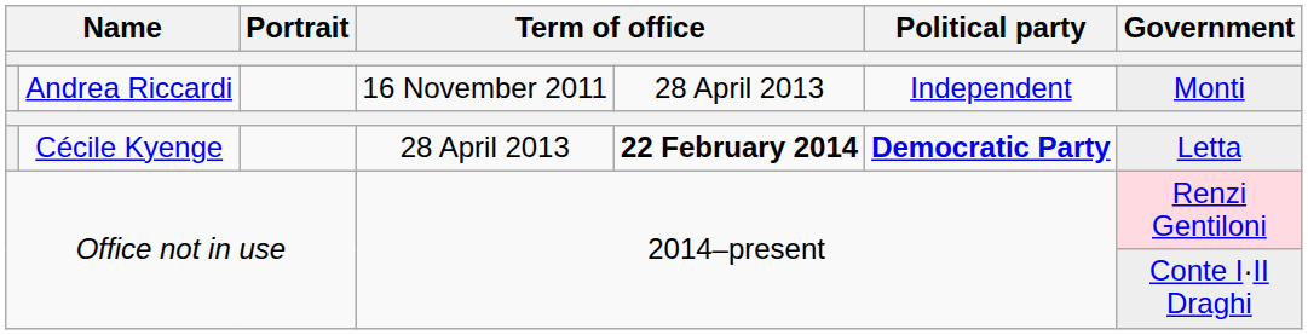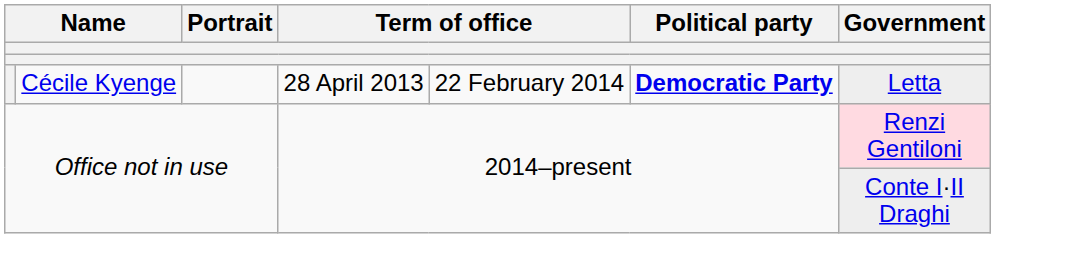 <table class="wikitable" style="text-align:center">
 <tr>
 <th colspan=2>Name<br></th>
 <th>Portrait</th>
 <th colspan=2>Term of office</th>
 <th>Political party</th>
 <th>Government</th>
 </tr>
 <tr>
 <th colspan=7></th>
 </tr>
 <tr>
-<th style="background:"></th>
-<td><a href='#'>Andrea Riccardi</a><br></td>
-<td></td>
-<td>16 November 2011</td>
-<td>28 April 2013</td>
-<td><a href='#'>Independent</a></td>
-<td bgcolor=#EEEEEE><a href='#'>Monti</a></td>
-</tr>
-<tr>
 <th colspan=7></th>
 </tr>
 <tr>
 <th style="background:"></th>
 <td><a href='#'>Cécile Kyenge</a><br></td>
 <td></td>
 <td>28 April 2013</td>
-<td><strong>22 February 2014</strong></td>
+<td>22 February 2014</td>
 <td><strong><a href='#'>Democratic Party</a></strong></td>
 <td bgcolor=#EEEEEE><a href='#'>Letta</a></td>
 </tr>
 <tr>
 <td rowspan=3 colspan=3><em>Office not in use</em></td>
 <td rowspan=3 colspan=3 align="center">2014–present</td>
 <td bgcolor=#FFDAE1><a href='#'>Renzi</a><br><a href='#'>Gentiloni</a></td>
 </tr>
 <tr>
 <td bgcolor=#EEEEEE><a href='#'>Conte I</a>·<a href='#'>II</a><br><a href='#'>Draghi</a></td>
 </tr>
 </table>
